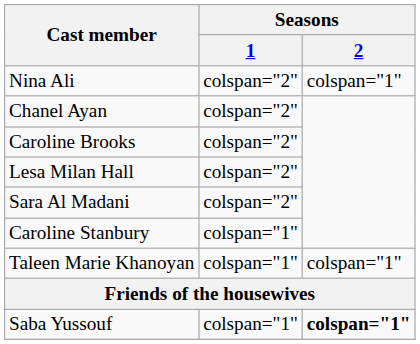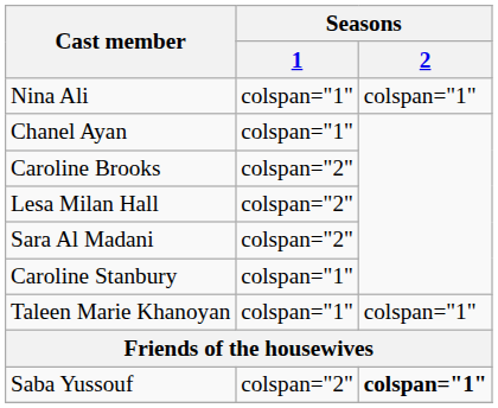 <table class="wikitable plainrowheaders" style="width:45%;">
 <tr>
 <th rowspan="2" style="width:15%;">Cast member</th>
 <th colspan="2">Seasons</th>
 </tr>
 <tr>
 <th style="width:12.5%;"><a href='#'>1</a></th>
 <th style="width:12.5%;"><a href='#'>2</a></th>
 </tr>
 <tr>
 <td>Nina Ali</td>
-<td>colspan="2" </td>
+<td>colspan="1" </td>
 <td>colspan="1" </td>
 </tr>
 <tr>
 <td>Chanel Ayan</td>
-<td>colspan="2" </td>
+<td>colspan="1" </td>
 </tr>
 <tr>
 <td>Caroline Brooks</td>
 <td>colspan="2" </td>
 </tr>
 <tr>
 <td>Lesa Milan Hall</td>
 <td>colspan="2" </td>
 </tr>
 <tr>
 <td>Sara Al Madani</td>
 <td>colspan="2" </td>
 </tr>
 <tr>
 <td>Caroline Stanbury</td>
 <td>colspan="1"  </td>
 </tr>
 <tr>
 <td nowrap>Taleen Marie Khanoyan</td>
 <td>colspan="1"  </td>
 <td>colspan="1" </td>
 </tr>
 <tr>
 <th colspan="4" rowspan="1" style="width:15%">Friends of the housewives</th>
 </tr>
 <tr>
 <td>Saba Yussouf</td>
-<td>colspan="1" </td>
+<td>colspan="2" </td>
 <td><strong>colspan="1" </strong></td>
 </tr>
 <tr>
 </tr>
 </table>
